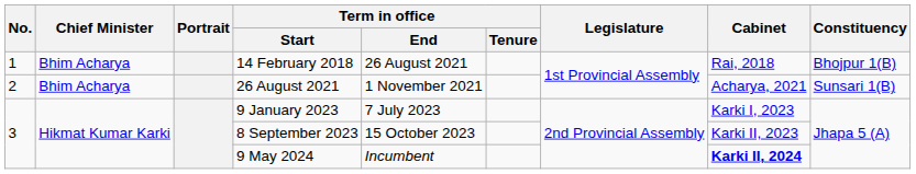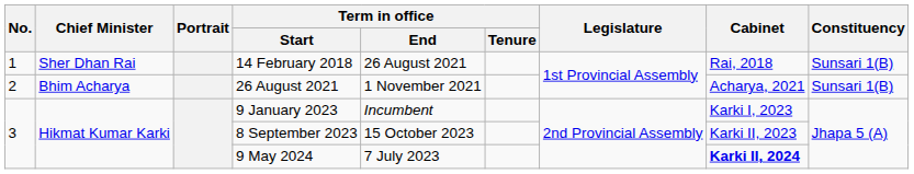 <table class="wikitable">
 <tr>
 <th rowspan="2" style="background-color:">No.</th>
 <th rowspan="2" style="background-color:">Chief Minister</th>
 <th rowspan="2" style="background-color:">Portrait</th>
 <th colspan="3" style="background-color:">Term in office</th>
 <th rowspan="2" style="background-color:">Legislature</th>
 <th rowspan="2" style="background-color:">Cabinet</th>
 <th rowspan="2" style="background-color:">Constituency</th>
 </tr>
 <tr>
 <th style="background-color:">Start</th>
 <th style="background-color:">End</th>
 <th style="background-color:">Tenure</th>
 </tr>
 <tr>
 <td>1</td>
-<td><a href='#'>Bhim Acharya</a></td>
+<td><a href='#'>Sher Dhan Rai</a></td>
 <th></th>
 <td>14 February 2018</td>
 <td>26 August 2021</td>
 <td></td>
 <td rowspan="2"><a href='#'>1st Provincial Assembly</a></td>
 <td><a href='#'>Rai, 2018</a></td>
-<td><a href='#'>Bhojpur 1(B)</a></td>
+<td><a href='#'>Sunsari 1(B)</a></td>
 </tr>
 <tr>
 <td>2</td>
 <td><a href='#'>Bhim Acharya</a></td>
 <th></th>
 <td>26 August 2021</td>
 <td>1 November 2021</td>
 <td></td>
 <td><a href='#'>Acharya, 2021</a></td>
 <td><a href='#'>Sunsari 1(B)</a></td>
 </tr>
 <tr>
 <td rowspan="3">3</td>
 <td rowspan="3"><a href='#'>Hikmat Kumar Karki</a></td>
 <th rowspan="3"></th>
 <td>9 January 2023</td>
-<td>7 July 2023</td>
+<td><em>Incumbent</em></td>
 <td></td>
 <td rowspan="3"><a href='#'>2nd Provincial Assembly</a></td>
 <td><a href='#'>Karki I, 2023</a></td>
 <td rowspan="3"><a href='#'>Jhapa 5 (A)</a></td>
 </tr>
 <tr>
 <td>8 September 2023</td>
 <td>15 October 2023</td>
 <td></td>
 <td><a href='#'>Karki II, 2023</a></td>
 </tr>
 <tr>
 <td>9 May 2024</td>
-<td><em>Incumbent</em></td>
+<td>7 July 2023</td>
 <td></td>
 <td><strong><a href='#'>Karki II, 2024</a></strong></td>
 </tr>
 </table>
